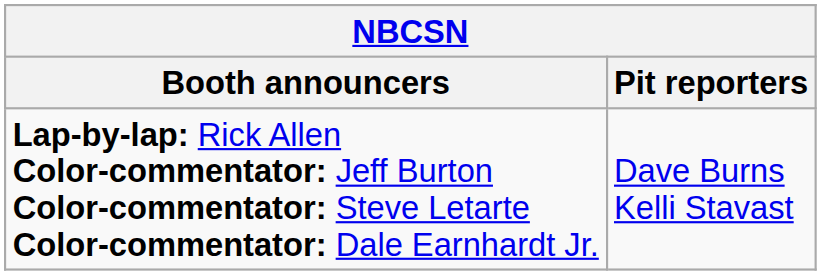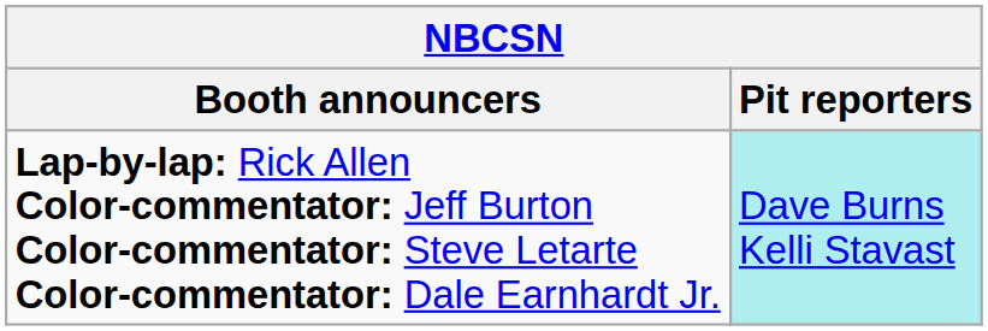 <table class="wikitable" style="font-size: 95%">
 <tr>
 <th colspan="2"><a href='#'>NBCSN</a></th>
 </tr>
 <tr>
 <th>Booth announcers</th>
 <th>Pit reporters</th>
 </tr>
 <tr>
 <td><strong>Lap-by-lap:</strong> <a href='#'>Rick Allen</a><br><strong>Color-commentator:</strong> <a href='#'>Jeff Burton</a><br><strong>Color-commentator:</strong> <a href='#'>Steve Letarte</a><br><strong>Color-commentator:</strong> <a href='#'>Dale Earnhardt Jr.</a></td>
-<td><a href='#'>Dave Burns</a><br><a href='#'>Kelli Stavast</a></td>
+<td style="background: paleturquoise;"><a href='#'>Dave Burns</a><br><a href='#'>Kelli Stavast</a></td>
 </tr>
 </table>
